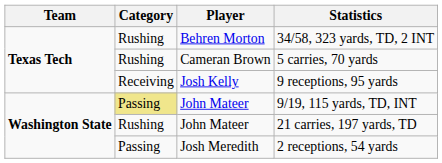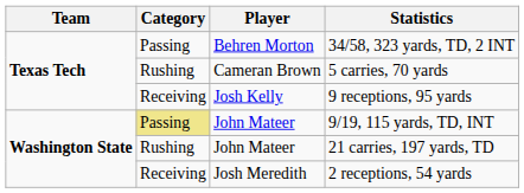 <table class="wikitable" style="float: right;">
 <tr>
 <th>Team</th>
 <th>Category</th>
 <th>Player</th>
 <th>Statistics</th>
 </tr>
 <tr>
 <td rowspan=3><strong>Texas Tech</strong></td>
-<td>Rushing</td>
+<td>Passing</td>
 <td><a href='#'>Behren Morton</a></td>
 <td>34/58, 323 yards, TD, 2 INT</td>
 </tr>
 <tr>
 <td>Rushing</td>
 <td>Cameran Brown</td>
 <td>5 carries, 70 yards</td>
 </tr>
 <tr>
 <td>Receiving</td>
 <td><a href='#'>Josh Kelly</a></td>
 <td>9 receptions, 95 yards</td>
 </tr>
 <tr>
 <td rowspan=3><strong>Washington State</strong></td>
 <td style="background: khaki;">Passing</td>
 <td><a href='#'>John Mateer</a></td>
 <td>9/19, 115 yards, TD, INT</td>
 </tr>
 <tr>
 <td>Rushing</td>
 <td>John Mateer</td>
 <td>21 carries, 197 yards, TD</td>
 </tr>
 <tr>
-<td>Passing</td>
+<td>Receiving</td>
 <td>Josh Meredith</td>
 <td>2 receptions, 54 yards</td>
 </tr>
 </table>
